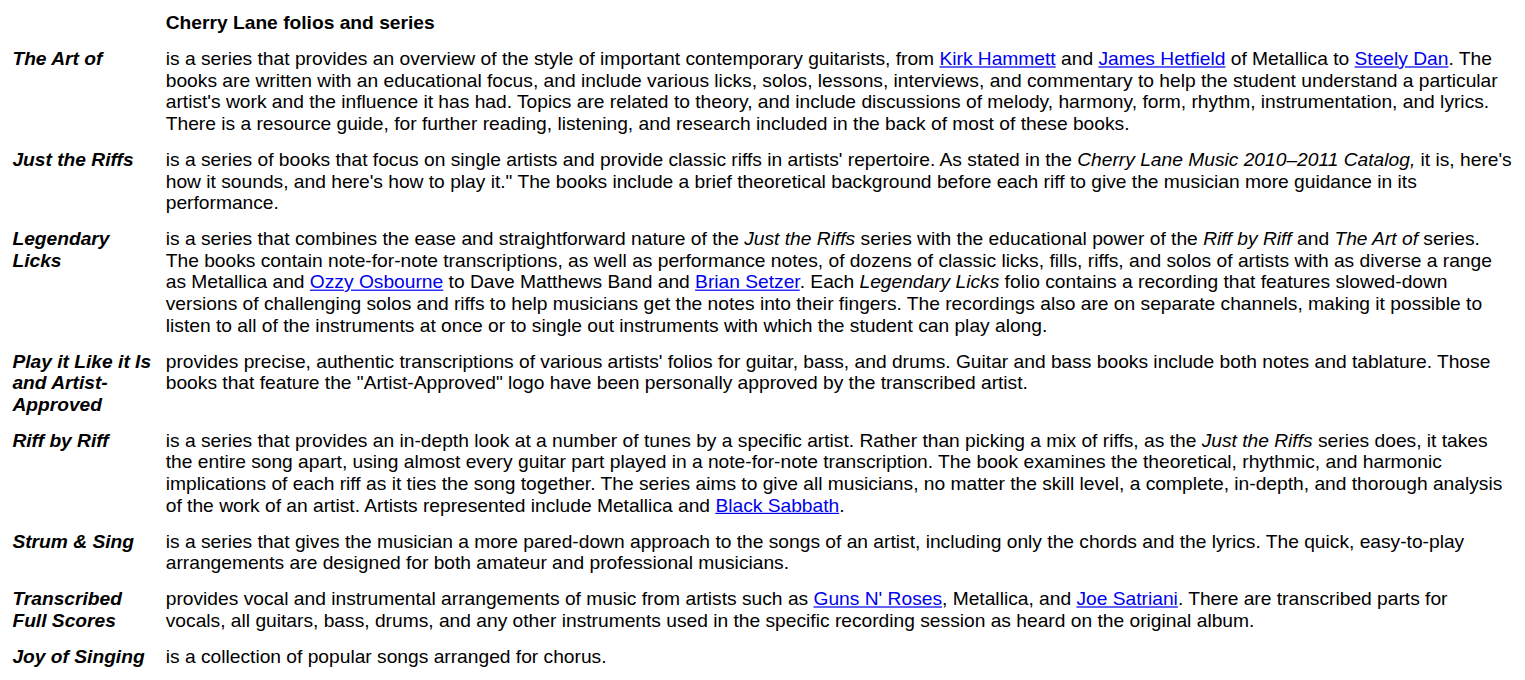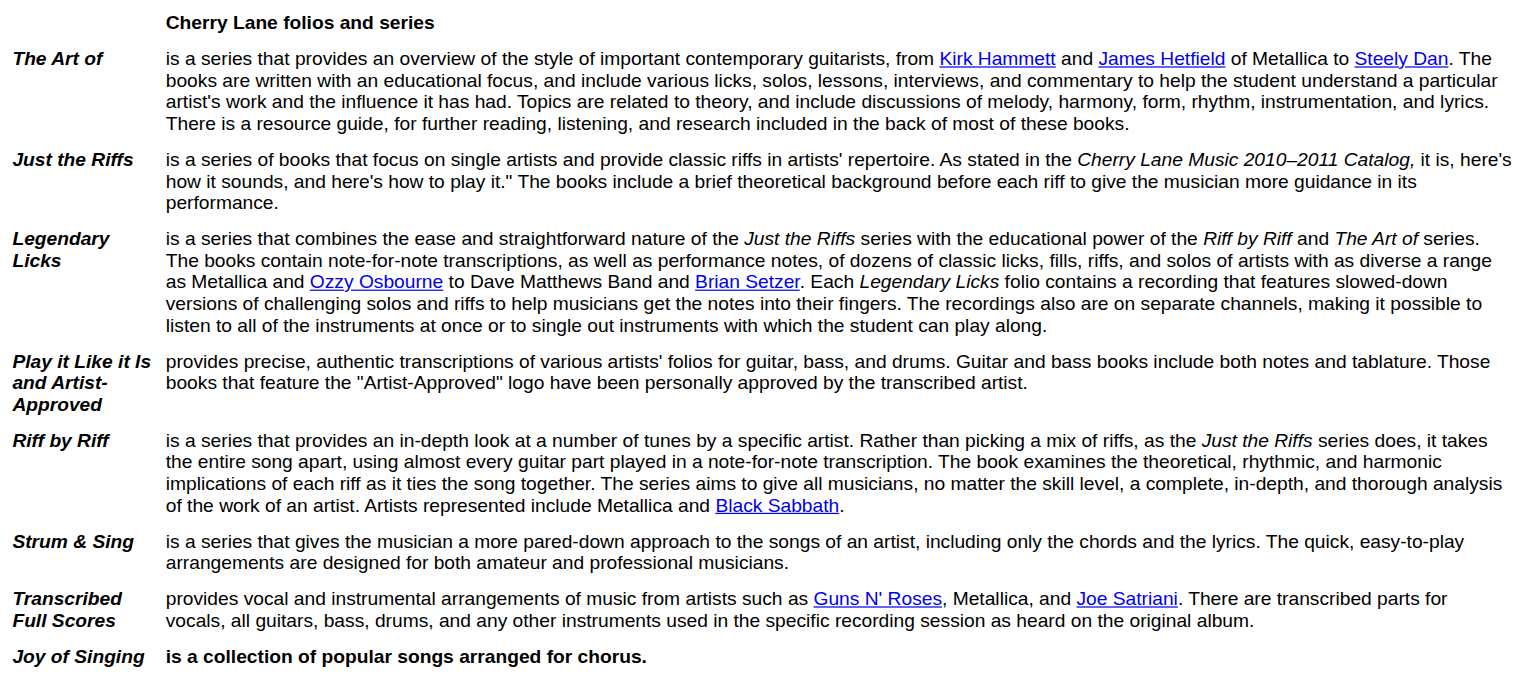 <table valign="top"; border="0" cellpadding="5" style="color:black; background-color: #FFFFFF">
 <tr valign="top">
 <td width="10%" style="text-align:left"></td>
 <td width="90%" style="text-align:left"><strong>Cherry Lane folios and series</strong><br></td>
 </tr>
 <tr valign="top">
 <td style="text-align:left"><strong><em>The Art of</em></strong></td>
 <td style="text-align:left">is a series that provides an overview of the style of important contemporary guitarists, from <a href='#'>Kirk Hammett</a> and <a href='#'>James Hetfield</a> of Metallica to <a href='#'>Steely Dan</a>. The books are written with an educational focus, and include various licks, solos, lessons, interviews, and commentary to help the student understand a particular artist's work and the influence it has had.  Topics are related to theory, and include discussions of melody, harmony, form, rhythm, instrumentation, and lyrics.  There is a resource guide, for further reading, listening, and research included in the back of most of these books.</td>
 </tr>
 <tr valign="top">
 <td style="text-align:left"><strong><em>Just the Riffs</em></strong></td>
 <td style="text-align:left">is a series of books that focus on single artists and provide classic riffs in artists' repertoire.  As stated in the <em>Cherry Lane Music 2010–2011 Catalog,</em>  it is, here's how it sounds, and here's how to play it."  The books include a brief theoretical background before each riff to give the musician more guidance in its performance.</td>
 </tr>
 <tr valign="top">
 <td style="text-align:left"><strong><em>Legendary Licks</em></strong></td>
 <td style="text-align:left">is a series that combines the ease and straightforward nature of the <em>Just the Riffs</em> series with the educational power of the <em>Riff by Riff</em> and <em>The Art of</em> series.  The books contain note-for-note transcriptions, as well as performance notes, of dozens of classic licks, fills, riffs, and solos of artists with as diverse a range as Metallica and <a href='#'>Ozzy Osbourne</a> to Dave Matthews Band and <a href='#'>Brian Setzer</a>.  Each <em>Legendary Licks</em> folio contains a recording that features slowed-down versions of challenging solos and riffs to help musicians get the notes into their fingers.  The recordings also are on separate channels, making it possible to listen to all of the instruments at once or to single out instruments with which the student can play along.</td>
 </tr>
 <tr valign="top">
 <td style="text-align:left"><strong><em>Play it Like it Is<em><br> and </em>Artist-Approved</em></strong></td>
 <td style="text-align:left">provides precise, authentic transcriptions of various artists' folios for guitar, bass, and drums. Guitar and bass books include both notes and tablature.  Those books that feature the "Artist-Approved" logo have been personally approved by the transcribed artist.</td>
 </tr>
 <tr valign="top">
 <td style="text-align:left"><strong><em>Riff by Riff</em></strong></td>
 <td style="text-align:left">is a series that provides an in-depth look at a number of tunes by a specific artist.  Rather than picking a mix of riffs, as the <em>Just the Riffs</em> series does, it takes the entire song apart, using almost every guitar part played in a note-for-note transcription.  The book examines the theoretical, rhythmic, and harmonic implications of each riff as it ties the song together.  The series aims to give all musicians, no matter the skill level, a complete, in-depth, and thorough analysis of the work of an artist.  Artists represented include Metallica and <a href='#'>Black Sabbath</a>.</td>
 </tr>
 <tr valign="top">
 <td style="text-align:left"><strong><em>Strum & Sing</em></strong></td>
 <td style="text-align:left">is a series that gives the musician a more pared-down approach to the songs of an artist, including only the chords and the lyrics.  The quick, easy-to-play arrangements are designed for both amateur and professional musicians.</td>
 </tr>
 <tr valign="top">
 <td style="text-align:left"><strong><em>Transcribed Full Scores</em></strong></td>
 <td style="text-align:left">provides vocal and instrumental arrangements of music from artists such as <a href='#'>Guns N' Roses</a>, Metallica, and <a href='#'>Joe Satriani</a>.  There are transcribed parts for vocals, all guitars, bass, drums, and any other instruments used in the specific recording session as heard on the original album.</td>
 </tr>
 <tr valign="top">
 <td style="text-align:left"><strong><em>Joy of Singing</em></strong></td>
-<td style="text-align:left">is a collection of popular songs arranged for chorus.</td>
+<td style="text-align:left"><strong>is a collection of popular songs arranged for chorus.</strong></td>
 </tr>
 </table>
